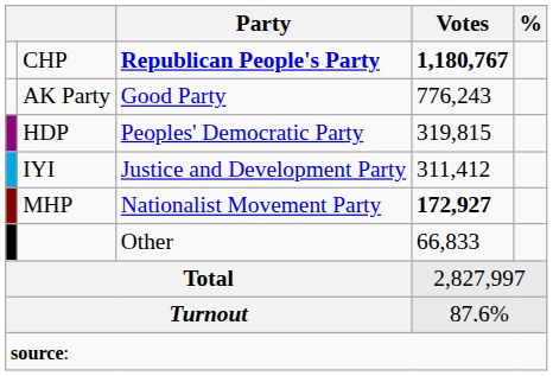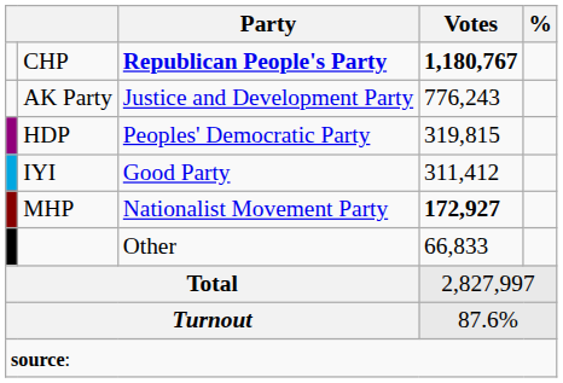 <table class="wikitable">
 <tr>
 <th colspan="2" align="center"></th>
 <th align="center">Party</th>
 <th align="center">Votes</th>
 <th align="center">%</th>
 </tr>
 <tr align="left">
 <td></td>
 <td>CHP</td>
 <td><strong><a href='#'>Republican People's Party</a></strong></td>
 <td><strong>1,180,767</strong></td>
 <td><strong></strong></td>
 </tr>
 <tr align="left">
 <td></td>
 <td>AK Party</td>
-<td><a href='#'>Good Party</a></td>
+<td><a href='#'>Justice and Development Party</a></td>
 <td>776,243</td>
 <td></td>
 </tr>
 <tr align="left">
 <td bgcolor="#91007B" width="1"></td>
 <td>HDP</td>
 <td><a href='#'>Peoples' Democratic Party</a></td>
 <td>319,815</td>
 <td></td>
 </tr>
 <tr align="left">
 <td bgcolor="#01A7E1" width="1"></td>
 <td>IYI</td>
-<td><a href='#'>Justice and Development Party</a></td>
+<td><a href='#'>Good Party</a></td>
 <td>311,412</td>
 <td></td>
 </tr>
 <tr align="left">
 <td bgcolor="#870000" width="1"></td>
 <td>MHP</td>
 <td><a href='#'>Nationalist Movement Party</a></td>
 <td><strong>172,927</strong></td>
 <td></td>
 </tr>
 <tr align="left">
 <td bgcolor=" " width="1"></td>
 <td></td>
 <td>Other</td>
 <td>66,833</td>
 <td></td>
 </tr>
 <tr align="left" style="background-color:#E9E9E9">
 <th colspan="3" align="center"><strong>Total</strong></th>
 <td colspan="5" align="center">2,827,997</td>
 </tr>
 <tr align="left" style="background-color:#E9E9E9">
 <th colspan="3" align="center"><em>Turnout</em></th>
 <td colspan="5" align="center">87.6%</td>
 </tr>
 <tr>
 <td colspan="9" align="left"><small><strong>source</strong>: </small></td>
 </tr>
 </table>
